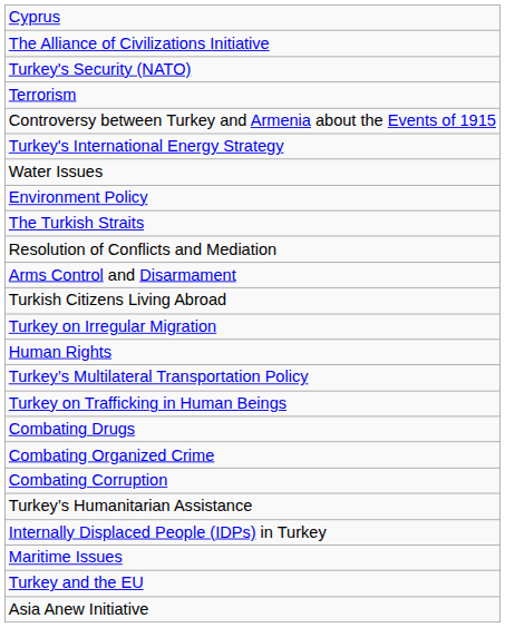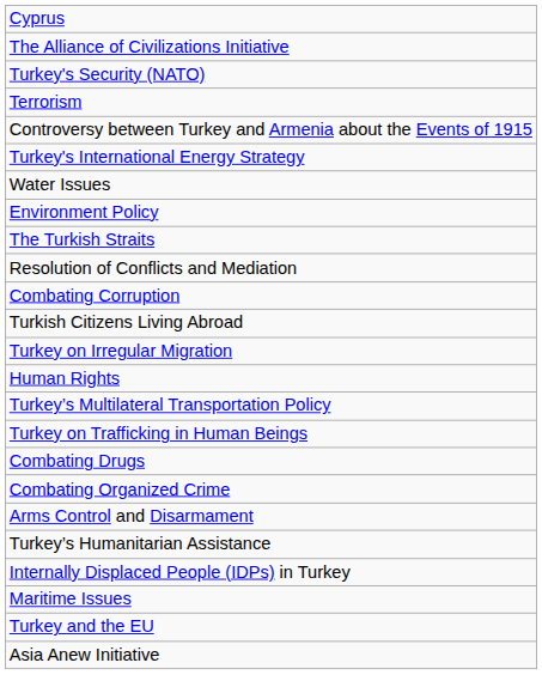 <table class="wikitable mw-collapsible">
 <tr>
 <td><a href='#'>Cyprus</a></td>
 </tr>
 <tr>
 <td><a href='#'>The Alliance of Civilizations Initiative</a></td>
 </tr>
 <tr>
 <td><a href='#'>Turkey's Security (NATO)</a></td>
 </tr>
 <tr>
 <td><a href='#'>Terrorism</a></td>
 </tr>
 <tr>
 <td>Controversy between Turkey and <a href='#'>Armenia</a> about the <a href='#'>Events of 1915</a></td>
 </tr>
 <tr>
 <td><a href='#'>Turkey's International Energy Strategy</a></td>
 </tr>
 <tr>
 <td>Water Issues</td>
 </tr>
 <tr>
 <td><a href='#'>Environment Policy</a></td>
 </tr>
 <tr>
 <td><a href='#'>The Turkish Straits</a></td>
 </tr>
 <tr>
 <td>Resolution of Conflicts and Mediation</td>
 </tr>
 <tr>
-<td><a href='#'>Arms Control</a> and <a href='#'>Disarmament</a></td>
+<td><a href='#'>Combating Corruption</a></td>
 </tr>
 <tr>
 <td>Turkish Citizens Living Abroad</td>
 </tr>
 <tr>
 <td><a href='#'>Turkey on Irregular Migration</a></td>
 </tr>
 <tr>
 <td><a href='#'>Human Rights</a></td>
 </tr>
 <tr>
 <td><a href='#'>Turkey’s Multilateral Transportation Policy</a></td>
 </tr>
 <tr>
 <td><a href='#'>Turkey on Trafficking in Human Beings</a></td>
 </tr>
 <tr>
 <td><a href='#'>Combating Drugs</a></td>
 </tr>
 <tr>
 <td><a href='#'>Combating Organized Crime</a></td>
 </tr>
 <tr>
-<td><a href='#'>Combating Corruption</a></td>
+<td><a href='#'>Arms Control</a> and <a href='#'>Disarmament</a></td>
 </tr>
 <tr>
 <td>Turkey’s Humanitarian Assistance</td>
 </tr>
 <tr>
 <td><a href='#'>Internally Displaced People (IDPs)</a> in Turkey</td>
 </tr>
 <tr>
 <td><a href='#'>Maritime Issues</a></td>
 </tr>
 <tr>
 <td><a href='#'>Turkey and the EU</a></td>
 </tr>
 <tr>
 <td>Asia Anew Initiative</td>
 </tr>
 </table>
